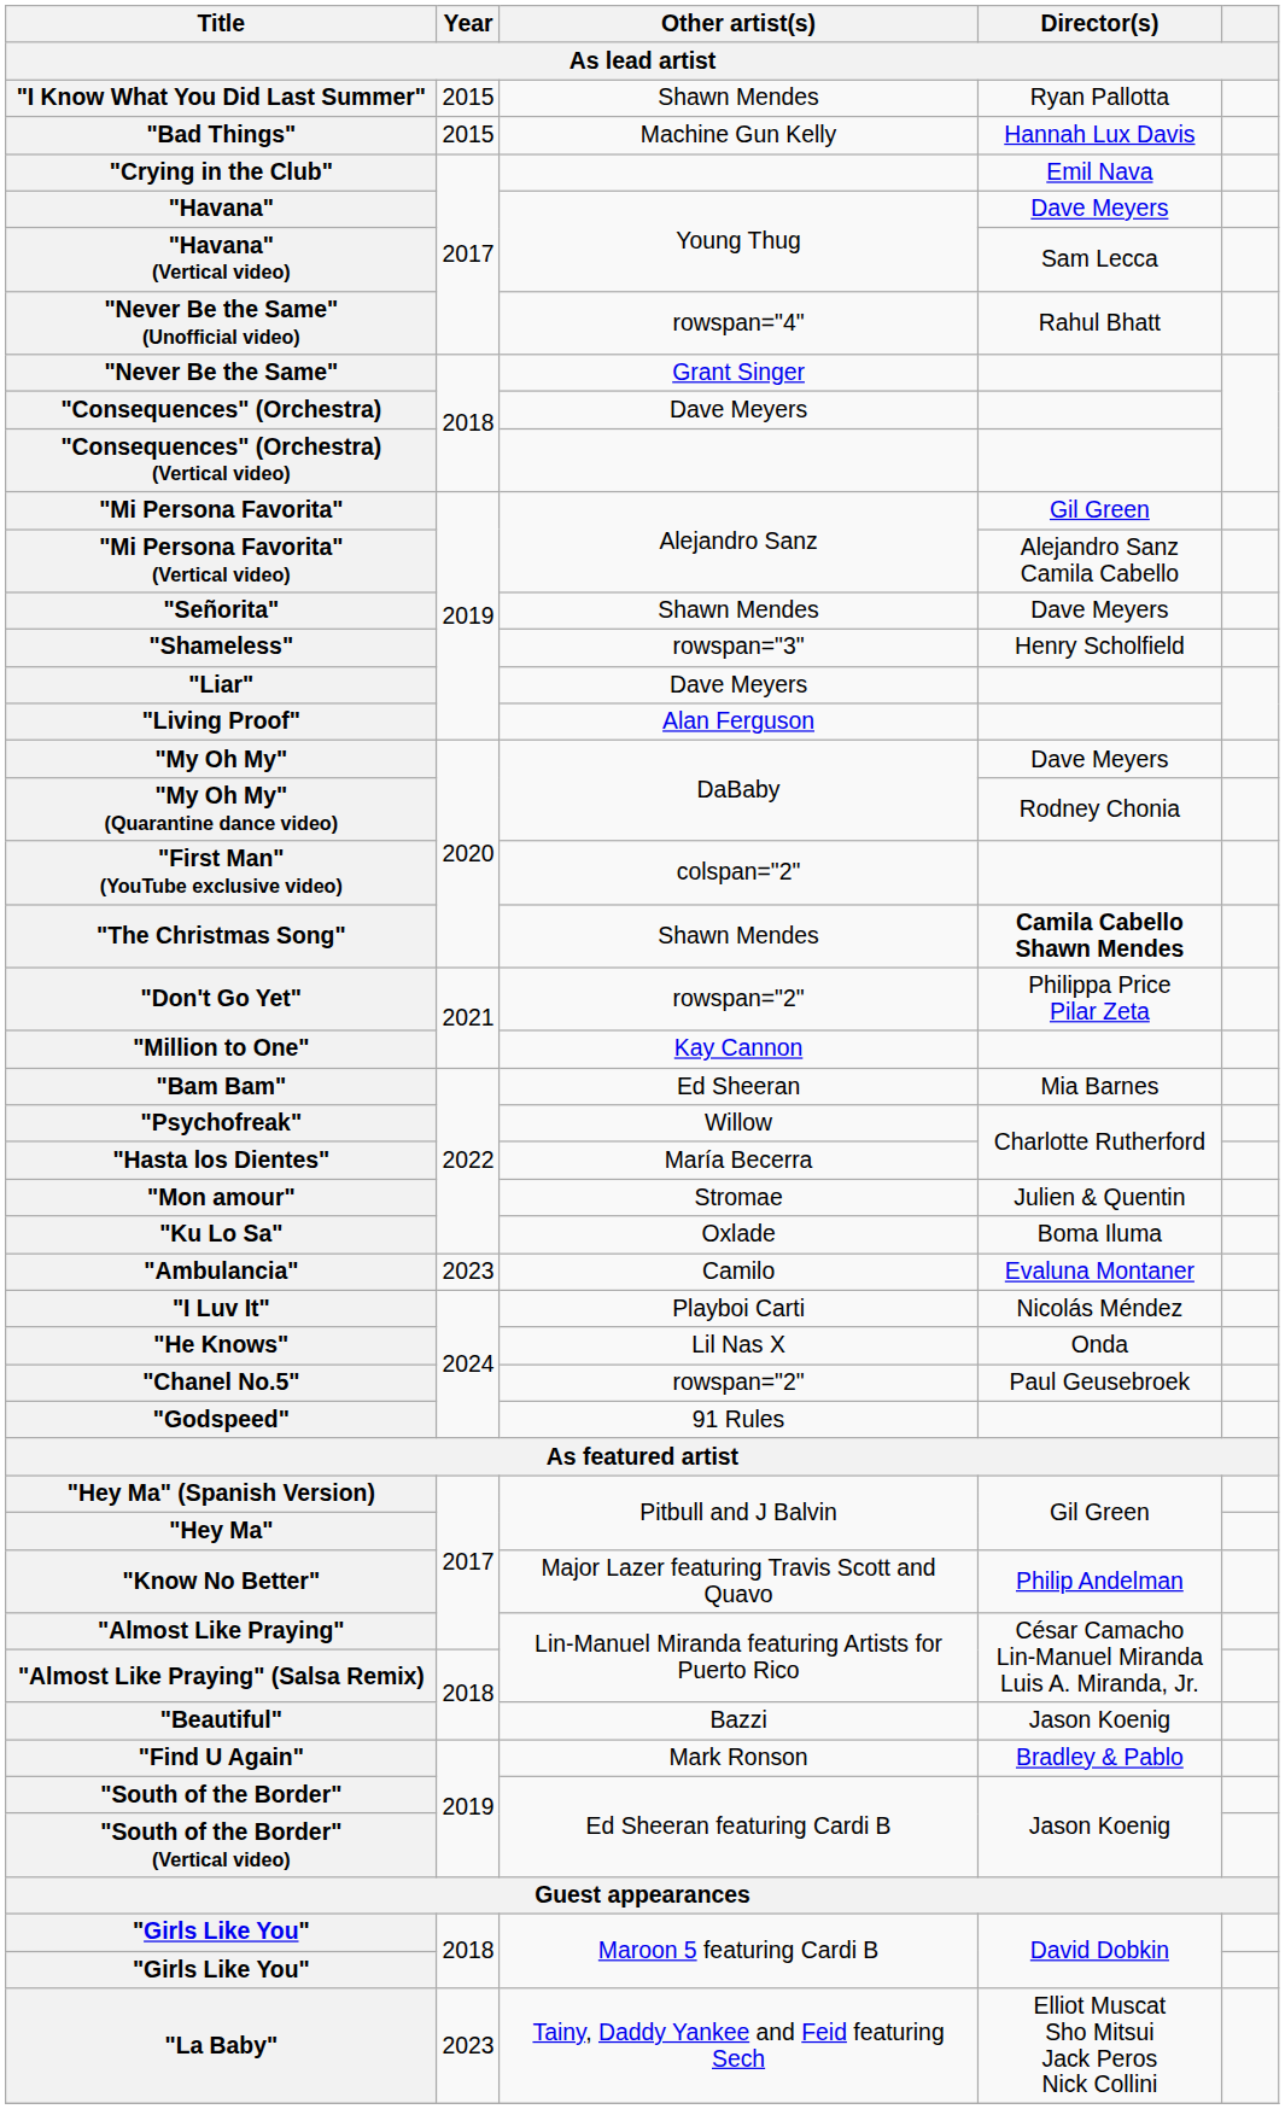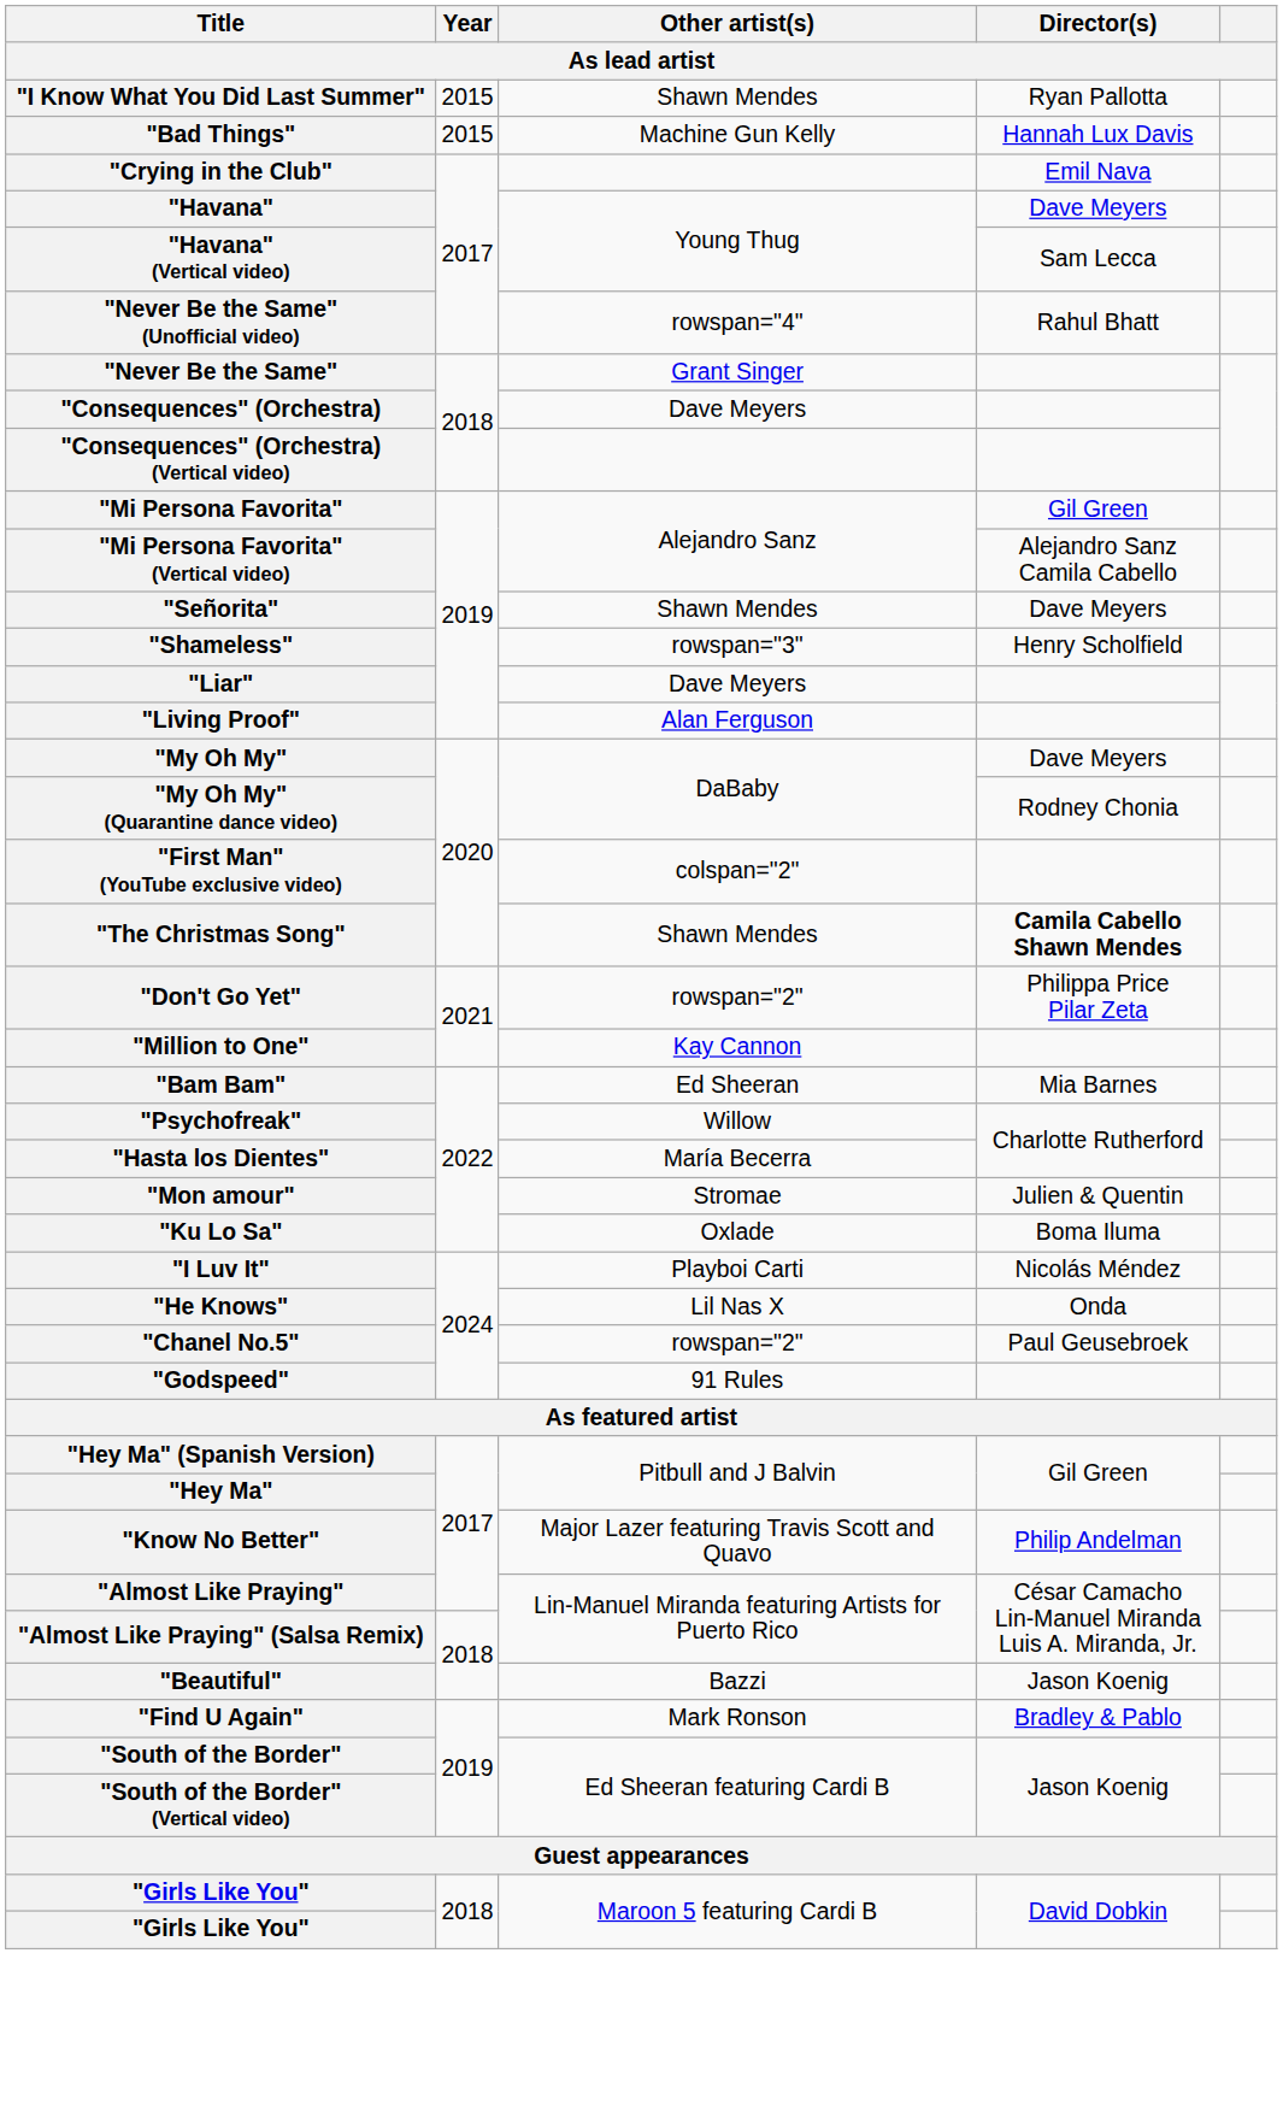 <table class="wikitable plainrowheaders" style="text-align:center;">
 <tr>
 <th scope="col" style="width:18em;">Title</th>
 <th scope="col" style="width:1em;">Year</th>
 <th scope="col" style="width:20em;">Other artist(s)</th>
 <th scope="col" style="width:10em;">Director(s)</th>
 <th scope="col" style="width:2em;"></th>
 </tr>
 <tr>
 <th scope="col" colspan="5">As lead artist</th>
 </tr>
 <tr>
 <th scope="row">"I Know What You Did Last Summer"</th>
 <td>2015</td>
 <td>Shawn Mendes</td>
 <td>Ryan Pallotta</td>
 <td></td>
 </tr>
 <tr>
 <th scope="row">"Bad Things"</th>
 <td>2015</td>
 <td>Machine Gun Kelly</td>
 <td><a href='#'>Hannah Lux Davis</a></td>
 <td></td>
 </tr>
 <tr>
 <th scope="row">"Crying in the Club"</th>
 <td rowspan="4">2017</td>
 <td></td>
 <td><a href='#'>Emil Nava</a></td>
 <td></td>
 </tr>
 <tr>
 <th scope="row">"Havana"</th>
 <td rowspan="2">Young Thug</td>
 <td><a href='#'>Dave Meyers</a></td>
 <td></td>
 </tr>
 <tr>
 <th scope="row">"Havana" <br><small>(Vertical video)</small></th>
 <td>Sam Lecca</td>
 <td></td>
 </tr>
 <tr>
 <th scope="row">"Never Be the Same" <br><small>(Unofficial video)</small></th>
 <td>rowspan="4" </td>
 <td>Rahul Bhatt</td>
 <td><br></td>
 </tr>
 <tr>
 <th scope="row">"Never Be the Same"</th>
 <td rowspan="3">2018</td>
 <td><a href='#'>Grant Singer</a></td>
 <td></td>
 </tr>
 <tr>
 <th scope="row">"Consequences" (Orchestra)</th>
 <td>Dave Meyers</td>
 <td></td>
 </tr>
 <tr>
 <th scope="row">"Consequences" (Orchestra) <br><small>(Vertical video)</small></th>
 <td></td>
 <td></td>
 </tr>
 <tr>
 <th scope="row">"Mi Persona Favorita"</th>
 <td rowspan="6">2019</td>
 <td rowspan="2">Alejandro Sanz</td>
 <td><a href='#'>Gil Green</a></td>
 <td></td>
 </tr>
 <tr>
 <th scope="row">"Mi Persona Favorita" <br><small>(Vertical video)</small></th>
 <td>Alejandro Sanz<br>Camila Cabello</td>
 <td></td>
 </tr>
 <tr>
 <th scope="row">"Señorita"</th>
 <td>Shawn Mendes</td>
 <td>Dave Meyers</td>
 <td></td>
 </tr>
 <tr>
 <th scope="row">"Shameless"</th>
 <td>rowspan="3" </td>
 <td>Henry Scholfield</td>
 <td></td>
 </tr>
 <tr>
 <th scope="row">"Liar"</th>
 <td>Dave Meyers</td>
 <td></td>
 </tr>
 <tr>
 <th scope="row">"Living Proof"</th>
 <td><a href='#'>Alan Ferguson</a></td>
 <td></td>
 </tr>
 <tr>
 <th scope="row">"My Oh My"</th>
 <td rowspan="4">2020</td>
 <td rowspan="2">DaBaby</td>
 <td>Dave Meyers</td>
 <td></td>
 </tr>
 <tr>
 <th scope="row">"My Oh My" <br><small>(Quarantine dance video)</small></th>
 <td>Rodney Chonia</td>
 <td></td>
 </tr>
 <tr>
 <th scope="row">"First Man"<br><small>(YouTube exclusive video)</small></th>
 <td>colspan="2" </td>
 <td></td>
 </tr>
 <tr>
 <th scope="row">"The Christmas Song"</th>
 <td>Shawn Mendes</td>
 <td><strong>Camila Cabello<br>Shawn Mendes</strong></td>
 <td></td>
 </tr>
 <tr>
 <th scope="row">"Don't Go Yet"</th>
 <td rowspan="2">2021</td>
 <td>rowspan="2" </td>
 <td>Philippa Price<br><a href='#'>Pilar Zeta</a></td>
 <td></td>
 </tr>
 <tr>
 <th scope="row">"Million to One"</th>
 <td><a href='#'>Kay Cannon</a></td>
 <td></td>
 </tr>
 <tr>
 <th scope="row">"Bam Bam"</th>
 <td rowspan="5">2022</td>
 <td>Ed Sheeran</td>
 <td>Mia Barnes</td>
 <td></td>
 </tr>
 <tr>
 <th scope="row">"Psychofreak"</th>
 <td>Willow</td>
 <td rowspan="2">Charlotte Rutherford</td>
 <td></td>
 </tr>
 <tr>
 <th scope="row">"Hasta los Dientes"</th>
 <td>María Becerra</td>
 <td></td>
 </tr>
 <tr>
 <th scope="row">"Mon amour"</th>
 <td>Stromae</td>
 <td>Julien & Quentin</td>
 <td></td>
 </tr>
 <tr>
 <th scope="row">"Ku Lo Sa"</th>
 <td>Oxlade</td>
 <td>Boma Iluma</td>
 <td></td>
 </tr>
 <tr>
-<th scope="row">"Ambulancia"</th>
-<td>2023</td>
-<td>Camilo</td>
-<td><a href='#'>Evaluna Montaner</a></td>
-<td></td>
-</tr>
-<tr>
 <th scope="row">"I Luv It"</th>
 <td rowspan="4">2024</td>
 <td>Playboi Carti</td>
 <td>Nicolás Méndez</td>
 <td></td>
 </tr>
 <tr>
 <th scope="row">"He Knows"</th>
 <td>Lil Nas X</td>
 <td>Onda</td>
 <td></td>
 </tr>
 <tr>
 <th scope="row">"Chanel No.5"</th>
 <td>rowspan="2" </td>
 <td>Paul Geusebroek</td>
 <td></td>
 </tr>
 <tr>
 <th scope="row">"Godspeed"</th>
 <td>91 Rules</td>
 <td></td>
 </tr>
 <tr>
 <th scope="col" colspan="5">As featured artist</th>
 </tr>
 <tr>
 <th scope="row">"Hey Ma" (Spanish Version)</th>
 <td rowspan="4">2017</td>
 <td rowspan="2">Pitbull and J Balvin</td>
 <td rowspan="2">Gil Green</td>
 <td></td>
 </tr>
 <tr>
 <th scope="row">"Hey Ma"</th>
 <td></td>
 </tr>
 <tr>
 <th scope="row">"Know No Better"</th>
 <td>Major Lazer featuring Travis Scott and Quavo</td>
 <td><a href='#'>Philip Andelman</a></td>
 <td></td>
 </tr>
 <tr>
 <th scope="row">"Almost Like Praying"</th>
 <td rowspan="2">Lin-Manuel Miranda featuring Artists for Puerto Rico</td>
 <td rowspan="2">César Camacho<br>Lin-Manuel Miranda<br>Luis A. Miranda, Jr.</td>
 <td></td>
 </tr>
 <tr>
 <th scope="row">"Almost Like Praying" (Salsa Remix)</th>
 <td rowspan="2">2018</td>
 <td></td>
 </tr>
 <tr>
 <th scope="row">"Beautiful"</th>
 <td>Bazzi</td>
 <td>Jason Koenig</td>
 <td></td>
 </tr>
 <tr>
 <th scope="row">"Find U Again"</th>
 <td rowspan="3">2019</td>
 <td>Mark Ronson</td>
 <td><a href='#'>Bradley & Pablo</a></td>
 <td></td>
 </tr>
 <tr>
 <th scope="row">"South of the Border"</th>
 <td rowspan="2">Ed Sheeran featuring Cardi B</td>
 <td rowspan="2">Jason Koenig</td>
 <td></td>
 </tr>
 <tr>
 <th scope="row">"South of the Border" <br><small>(Vertical video)</small></th>
 <td></td>
 </tr>
 <tr>
 <th scope="col" colspan="5">Guest appearances</th>
 </tr>
 <tr>
 <th scope="row">"<a href='#'>Girls Like You</a>"</th>
 <td rowspan="2">2018</td>
 <td rowspan="2"><a href='#'>Maroon 5</a> featuring Cardi B</td>
 <td rowspan="2"><a href='#'>David Dobkin</a></td>
 <td></td>
 </tr>
 <tr>
 <th scope="row">"Girls Like You"<br></th>
 <td></td>
 </tr>
 <tr>
-<th scope="row">"La Baby"</th>
-<td>2023</td>
-<td><a href='#'>Tainy</a>, <a href='#'>Daddy Yankee</a> and <a href='#'>Feid</a> featuring <a href='#'>Sech</a></td>
-<td>Elliot Muscat <br> Sho Mitsui <br> Jack Peros <br> Nick Collini</td>
-<td></td>
-</tr>
-<tr>
 </tr>
 </table>
